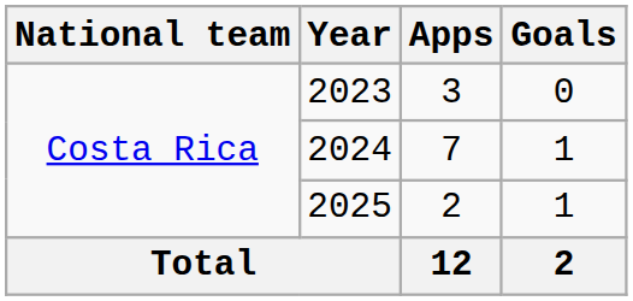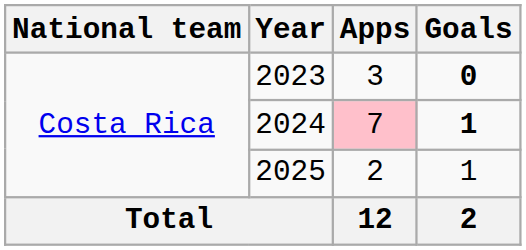 <table class="wikitable" style="text-align:center">
 <tr>
 <th>National team</th>
 <th>Year</th>
 <th>Apps</th>
 <th>Goals</th>
 </tr>
 <tr>
 <td rowspan="3"><a href='#'>Costa Rica</a></td>
 <td>2023</td>
 <td>3</td>
-<td>0</td>
+<td><strong>0</strong></td>
 </tr>
 <tr>
 <td>2024</td>
-<td>7</td>
-<td>1</td>
+<td style="background: pink;">7</td>
+<td><strong>1</strong></td>
 </tr>
 <tr>
 <td>2025</td>
 <td>2</td>
 <td>1</td>
 </tr>
 <tr>
 <th colspan="2">Total</th>
 <th>12</th>
 <th>2</th>
 </tr>
 </table>
